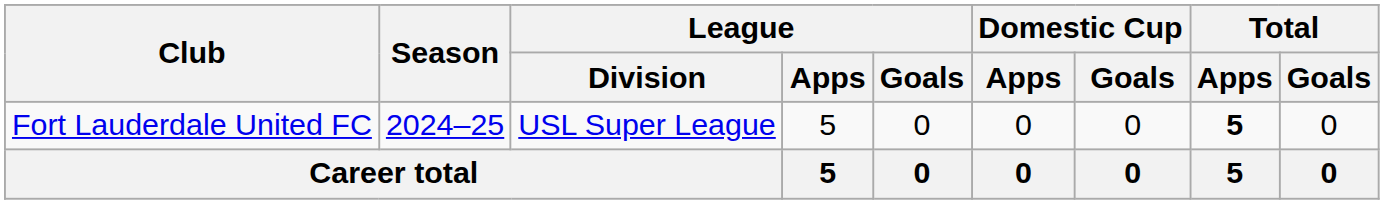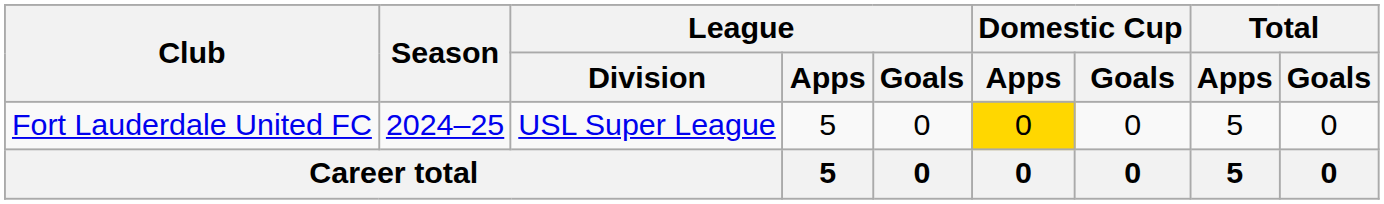 <table class="wikitable" style="text-align:center">
 <tr>
 <th rowspan="2">Club</th>
 <th rowspan="2">Season</th>
 <th colspan="3">League</th>
 <th colspan="2">Domestic Cup</th>
 <th colspan="2">Total</th>
 </tr>
 <tr>
 <th>Division</th>
 <th>Apps</th>
 <th>Goals</th>
 <th>Apps</th>
 <th>Goals</th>
 <th>Apps</th>
 <th>Goals</th>
 </tr>
 <tr>
 <td><a href='#'>Fort Lauderdale United FC</a></td>
 <td><a href='#'>2024–25</a></td>
 <td><a href='#'>USL Super League</a></td>
 <td>5</td>
 <td>0</td>
+<td style="background: gold;">0</td>
 <td>0</td>
-<td>0</td>
-<td><strong>5</strong></td>
+<td>5</td>
 <td>0</td>
 </tr>
 <tr>
 <th colspan="3">Career total</th>
 <th>5</th>
 <th>0</th>
 <th>0</th>
 <th>0</th>
 <th>5</th>
 <th>0</th>
 </tr>
 </table>
